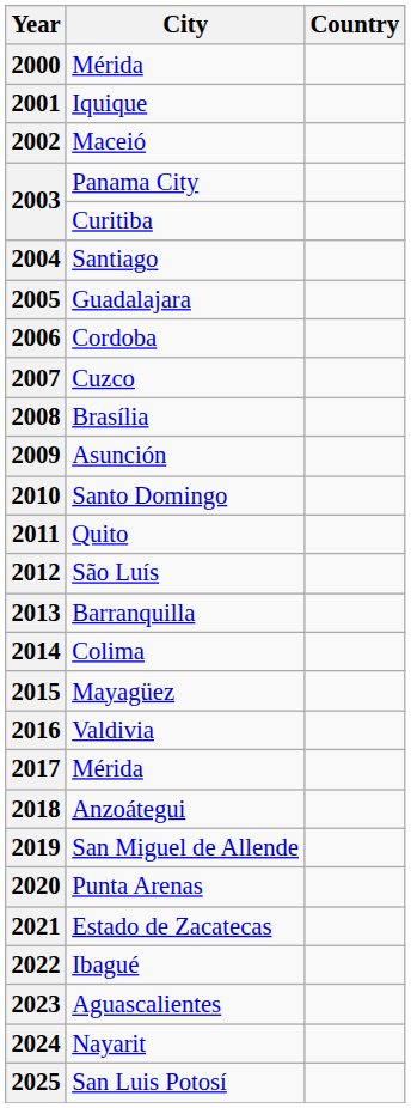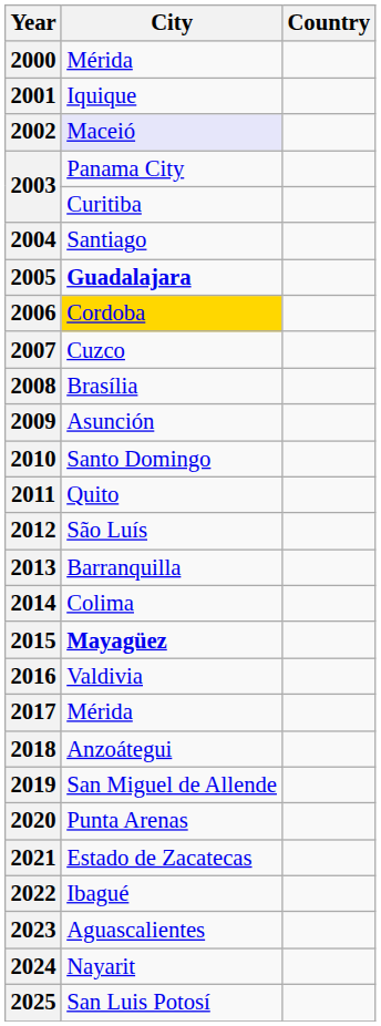 <table class="wikitable sortable">
 <tr>
 <th>Year</th>
 <th>City</th>
 <th>Country</th>
 </tr>
 <tr>
 <th>2000</th>
 <td><a href='#'>Mérida</a></td>
 <td></td>
 </tr>
 <tr>
 <th>2001</th>
 <td><a href='#'>Iquique</a></td>
 <td></td>
 </tr>
 <tr>
 <th>2002</th>
-<td><a href='#'>Maceió</a></td>
+<td style="background: lavender;"><a href='#'>Maceió</a></td>
 <td></td>
 </tr>
 <tr>
 <th rowspan=2>2003</th>
 <td><a href='#'>Panama City</a></td>
 <td></td>
 </tr>
 <tr>
 <td><a href='#'>Curitiba</a></td>
 <td></td>
 </tr>
 <tr>
 <th>2004</th>
 <td><a href='#'>Santiago</a></td>
 <td></td>
 </tr>
 <tr>
 <th>2005</th>
-<td><a href='#'>Guadalajara</a></td>
+<td><strong><a href='#'>Guadalajara</a></strong></td>
 <td></td>
 </tr>
 <tr>
 <th>2006</th>
-<td><a href='#'>Cordoba</a></td>
+<td style="background: gold;"><a href='#'>Cordoba</a></td>
 <td></td>
 </tr>
 <tr>
 <th>2007</th>
 <td><a href='#'>Cuzco</a></td>
 <td></td>
 </tr>
 <tr>
 <th>2008</th>
 <td><a href='#'>Brasília</a></td>
 <td></td>
 </tr>
 <tr>
 <th>2009</th>
 <td><a href='#'>Asunción</a></td>
 <td></td>
 </tr>
 <tr>
 <th>2010</th>
 <td><a href='#'>Santo Domingo</a></td>
 <td></td>
 </tr>
 <tr>
 <th>2011</th>
 <td><a href='#'>Quito</a></td>
 <td></td>
 </tr>
 <tr>
 <th>2012</th>
 <td><a href='#'>São Luís</a></td>
 <td></td>
 </tr>
 <tr>
 <th>2013</th>
 <td><a href='#'>Barranquilla</a></td>
 <td></td>
 </tr>
 <tr>
 <th>2014</th>
 <td><a href='#'>Colima</a></td>
 <td></td>
 </tr>
 <tr>
 <th>2015</th>
-<td><a href='#'>Mayagüez</a></td>
+<td><strong><a href='#'>Mayagüez</a></strong></td>
 <td></td>
 </tr>
 <tr>
 <th>2016</th>
 <td><a href='#'>Valdivia</a></td>
 <td></td>
 </tr>
 <tr>
 <th>2017</th>
 <td><a href='#'>Mérida</a></td>
 <td></td>
 </tr>
 <tr>
 <th>2018</th>
 <td><a href='#'>Anzoátegui</a></td>
 <td></td>
 </tr>
 <tr>
 <th>2019</th>
 <td><a href='#'>San Miguel de Allende</a></td>
 <td></td>
 </tr>
 <tr>
 <th>2020</th>
 <td><a href='#'>Punta Arenas</a></td>
 <td></td>
 </tr>
 <tr>
 <th>2021</th>
 <td><a href='#'>Estado de Zacatecas</a></td>
 <td></td>
 </tr>
 <tr>
 <th>2022</th>
 <td><a href='#'>Ibagué</a></td>
 <td></td>
 </tr>
 <tr>
 <th>2023</th>
 <td><a href='#'> Aguascalientes</a></td>
 <td></td>
 </tr>
 <tr>
 <th>2024</th>
 <td><a href='#'>Nayarit</a></td>
 <td></td>
 </tr>
 <tr>
 <th>2025</th>
 <td><a href='#'> San Luis Potosí</a></td>
 <td></td>
 </tr>
 </table>
